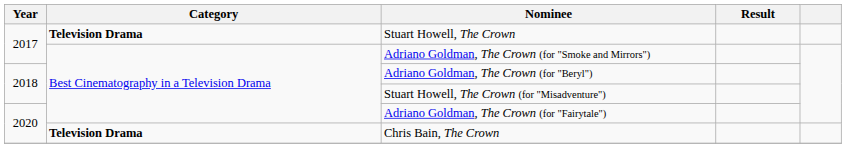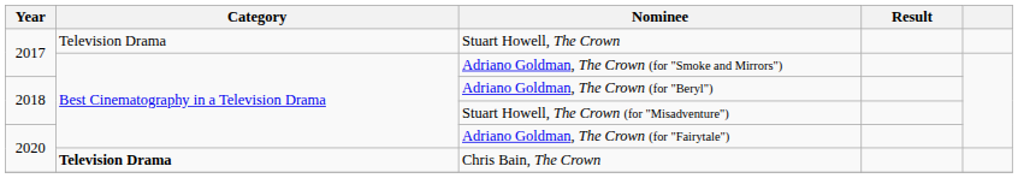 <table class="wikitable" style="width:85%;">
 <tr>
 <th width=5%>Year</th>
 <th style="width:40%;">Category</th>
 <th style="width:40%;">Nominee</th>
 <th style="width:10%;">Result</th>
 <th width=5%></th>
 </tr>
 <tr>
 <td style="text-align: center;" rowspan="2">2017</td>
-<td><strong>Television Drama</strong></td>
+<td>Television Drama</td>
 <td>Stuart Howell, <em>The Crown</em></td>
 <td></td>
 <td></td>
 </tr>
 <tr>
 <td rowspan="4"><a href='#'>Best Cinematography in a Television Drama</a></td>
 <td><a href='#'>Adriano Goldman</a>, <em>The Crown</em> <small> (for "Smoke and Mirrors")</small></td>
 <td></td>
 <td rowspan="4"></td>
 </tr>
 <tr>
 <td style="text-align: center;" rowspan="2">2018</td>
 <td><a href='#'>Adriano Goldman</a>, <em>The Crown</em> <small>(for "Beryl")</small></td>
 <td></td>
 </tr>
 <tr>
 <td>Stuart Howell, <em>The Crown</em> <small>(for "Misadventure")</small></td>
 <td></td>
 </tr>
 <tr>
 <td style="text-align: center;" rowspan="2">2020</td>
 <td><a href='#'>Adriano Goldman</a>, <em>The Crown</em> <small>(for "Fairytale")</small></td>
 <td></td>
 </tr>
 <tr>
 <td><strong>Television Drama</strong></td>
 <td>Chris Bain, <em>The Crown</em></td>
 <td></td>
 <td></td>
 </tr>
 <tr>
 </tr>
 </table>
